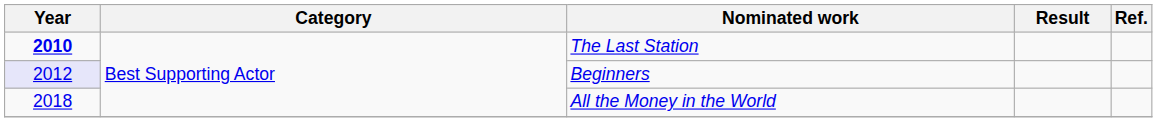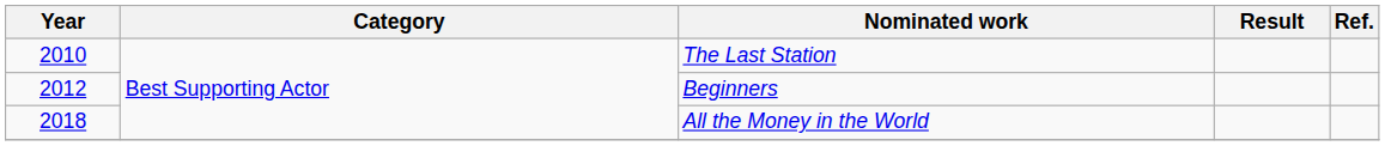 <table class=wikitable>
 <tr>
 <th scope="col" style="width:5em;">Year</th>
 <th scope="col" style="width:26em;">Category</th>
 <th scope="col" style="width:25em;">Nominated work</th>
 <th scope="col" style="width:5em;">Result</th>
 <th>Ref.</th>
 </tr>
 <tr>
-<td style="text-align:center;"><strong><a href='#'>2010</a></strong></td>
+<td style="text-align:center;"><a href='#'>2010</a></td>
 <td rowspan=3><a href='#'>Best Supporting Actor</a></td>
 <td><em><a href='#'>The Last Station</a></em></td>
 <td></td>
 <td style="text-align:center;"></td>
 </tr>
 <tr>
-<td style="background: lavender; text-align:center;"><a href='#'>2012</a></td>
+<td style="text-align:center;"><a href='#'>2012</a></td>
 <td><em><a href='#'>Beginners</a></em></td>
 <td></td>
 <td style="text-align:center;"></td>
 </tr>
 <tr>
 <td style="text-align:center;"><a href='#'>2018</a></td>
 <td><em><a href='#'>All the Money in the World</a></em></td>
 <td></td>
 <td style="text-align:center;"></td>
 </tr>
 <tr>
 </tr>
 </table>
